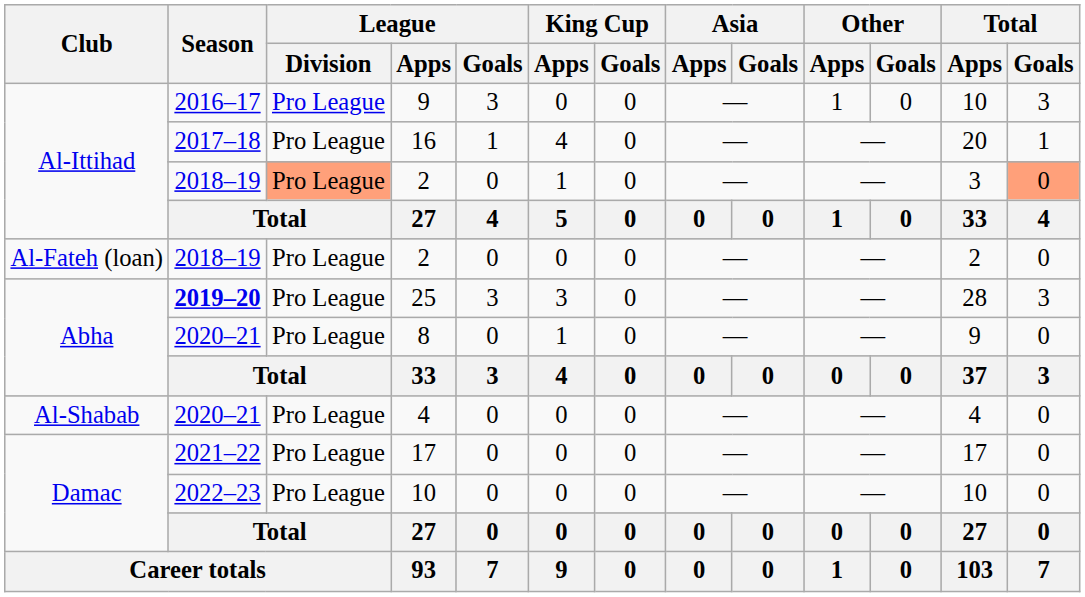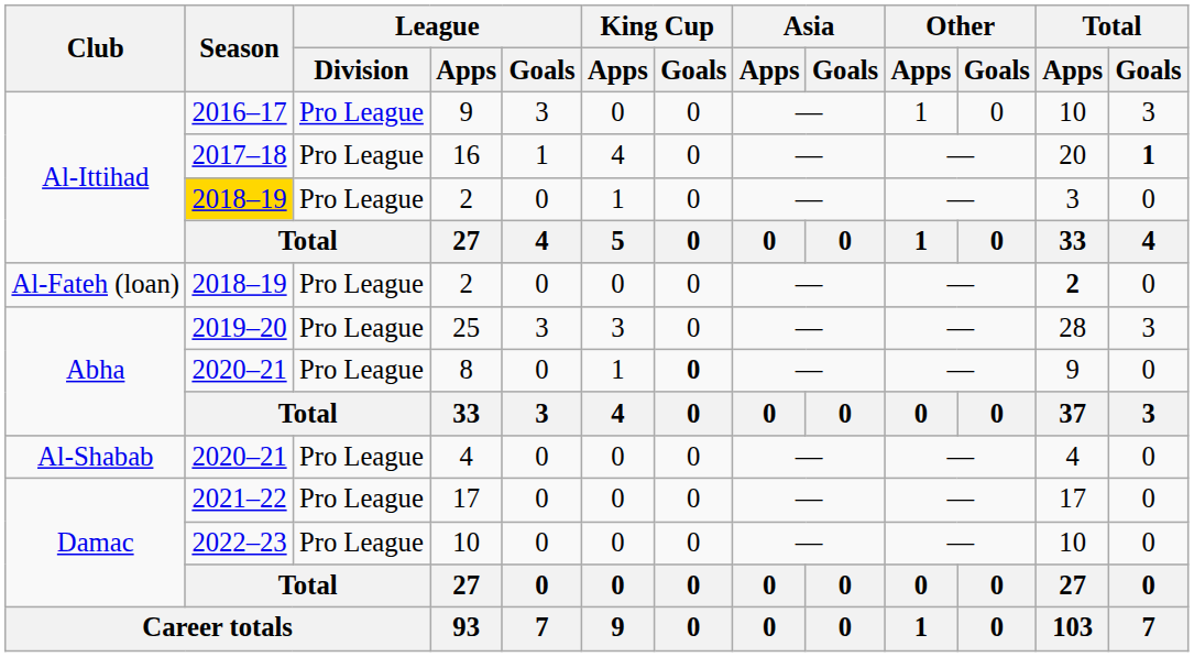 <table class="wikitable" style="text-align: center">
 <tr>
 <th rowspan=2>Club</th>
 <th rowspan=2>Season</th>
 <th colspan=3>League</th>
 <th colspan=2>King Cup</th>
 <th colspan=2>Asia</th>
 <th colspan=2>Other</th>
 <th colspan=2>Total</th>
 </tr>
 <tr>
 <th>Division</th>
 <th>Apps</th>
 <th>Goals</th>
 <th>Apps</th>
 <th>Goals</th>
 <th>Apps</th>
 <th>Goals</th>
 <th>Apps</th>
 <th>Goals</th>
 <th>Apps</th>
 <th>Goals</th>
 </tr>
 <tr>
 <td rowspan=4><a href='#'>Al-Ittihad</a></td>
 <td><a href='#'>2016–17</a></td>
 <td><a href='#'>Pro League</a></td>
 <td>9</td>
 <td>3</td>
 <td>0</td>
 <td>0</td>
 <td colspan=2>—</td>
 <td>1</td>
 <td>0</td>
 <td>10</td>
 <td>3</td>
 </tr>
 <tr>
 <td><a href='#'>2017–18</a></td>
 <td>Pro League</td>
 <td>16</td>
 <td>1</td>
 <td>4</td>
 <td>0</td>
 <td colspan=2>—</td>
 <td colspan=2>—</td>
 <td>20</td>
-<td>1</td>
+<td><strong>1</strong></td>
 </tr>
 <tr>
-<td><a href='#'>2018–19</a></td>
-<td style="background: lightsalmon;">Pro League</td>
+<td style="background: gold;"><a href='#'>2018–19</a></td>
+<td>Pro League</td>
 <td>2</td>
 <td>0</td>
 <td>1</td>
 <td>0</td>
 <td colspan=2>—</td>
 <td colspan=2>—</td>
 <td>3</td>
-<td style="background: lightsalmon;">0</td>
+<td>0</td>
 </tr>
 <tr>
 <th colspan="2">Total</th>
 <th>27</th>
 <th>4</th>
 <th>5</th>
 <th>0</th>
 <th>0</th>
 <th>0</th>
 <th>1</th>
 <th>0</th>
 <th>33</th>
 <th>4</th>
 </tr>
 <tr>
 <td rowspan=1><a href='#'>Al-Fateh</a> (loan)</td>
 <td><a href='#'>2018–19</a></td>
 <td>Pro League</td>
 <td>2</td>
 <td>0</td>
 <td>0</td>
 <td>0</td>
 <td colspan=2>—</td>
 <td colspan=2>—</td>
-<td>2</td>
+<td><strong>2</strong></td>
 <td>0</td>
 </tr>
 <tr>
 <td rowspan=3><a href='#'>Abha</a></td>
-<td><strong><a href='#'>2019–20</a></strong></td>
+<td><a href='#'>2019–20</a></td>
 <td>Pro League</td>
 <td>25</td>
 <td>3</td>
 <td>3</td>
 <td>0</td>
 <td colspan=2>—</td>
 <td colspan=2>—</td>
 <td>28</td>
 <td>3</td>
 </tr>
 <tr>
 <td><a href='#'>2020–21</a></td>
 <td>Pro League</td>
 <td>8</td>
 <td>0</td>
 <td>1</td>
-<td>0</td>
+<td><strong>0</strong></td>
 <td colspan=2>—</td>
 <td colspan=2>—</td>
 <td>9</td>
 <td>0</td>
 </tr>
 <tr>
 <th colspan="2">Total</th>
 <th>33</th>
 <th>3</th>
 <th>4</th>
 <th>0</th>
 <th>0</th>
 <th>0</th>
 <th>0</th>
 <th>0</th>
 <th>37</th>
 <th>3</th>
 </tr>
 <tr>
 <td rowspan=1><a href='#'>Al-Shabab</a></td>
 <td><a href='#'>2020–21</a></td>
 <td>Pro League</td>
 <td>4</td>
 <td>0</td>
 <td>0</td>
 <td>0</td>
 <td colspan=2>—</td>
 <td colspan=2>—</td>
 <td>4</td>
 <td>0</td>
 </tr>
 <tr>
 <td rowspan=3><a href='#'>Damac</a></td>
 <td><a href='#'>2021–22</a></td>
 <td>Pro League</td>
 <td>17</td>
 <td>0</td>
 <td>0</td>
 <td>0</td>
 <td colspan=2>—</td>
 <td colspan=2>—</td>
 <td>17</td>
 <td>0</td>
 </tr>
 <tr>
 <td><a href='#'>2022–23</a></td>
 <td>Pro League</td>
 <td>10</td>
 <td>0</td>
 <td>0</td>
 <td>0</td>
 <td colspan=2>—</td>
 <td colspan=2>—</td>
 <td>10</td>
 <td>0</td>
 </tr>
 <tr>
 <th colspan="2">Total</th>
 <th>27</th>
 <th>0</th>
 <th>0</th>
 <th>0</th>
 <th>0</th>
 <th>0</th>
 <th>0</th>
 <th>0</th>
 <th>27</th>
 <th>0</th>
 </tr>
 <tr>
 <th colspan=3>Career totals</th>
 <th>93</th>
 <th>7</th>
 <th>9</th>
 <th>0</th>
 <th>0</th>
 <th>0</th>
 <th>1</th>
 <th>0</th>
 <th>103</th>
 <th>7</th>
 </tr>
 </table>
